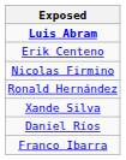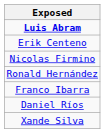 <table class="wikitable" style="text-align:center">
 <tr>
 <th>Exposed</th>
 </tr>
 <tr>
 <td><strong><a href='#'>Luis Abram</a></strong></td>
 </tr>
 <tr>
 <td><a href='#'>Erik Centeno</a></td>
 </tr>
 <tr>
 <td><a href='#'>Nicolas Firmino</a></td>
 </tr>
 <tr>
 <td><a href='#'>Ronald Hernández</a></td>
 </tr>
 <tr>
-<td><a href='#'>Xande Silva</a></td>
+<td><a href='#'>Franco Ibarra</a></td>
 </tr>
 <tr>
 <td><a href='#'>Daniel Ríos</a></td>
 </tr>
 <tr>
-<td><a href='#'>Franco Ibarra</a></td>
+<td><a href='#'>Xande Silva</a></td>
 </tr>
 </table>
